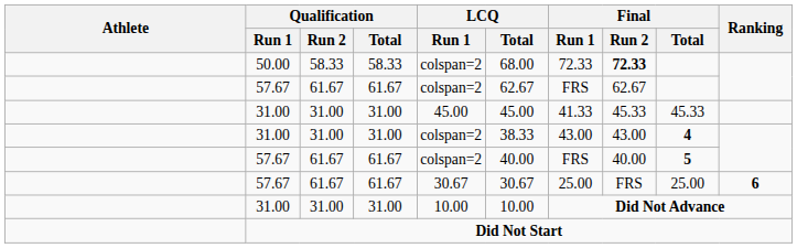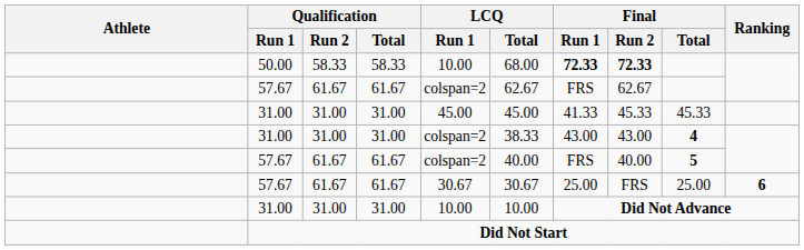 <table class=wikitable style="text-align:center">
 <tr>
 <th rowspan=2 width=250>Athlete</th>
 <th colspan=3>Qualification</th>
 <th colspan=2>LCQ</th>
 <th colspan=3>Final</th>
 <th rowspan=2 width=70>Ranking</th>
 </tr>
 <tr>
 <th width=50>Run 1</th>
 <th width=50>Run 2</th>
 <th width=60>Total</th>
 <th width=50>Run 1</th>
 <th width=60>Total</th>
 <th width=50>Run 1</th>
 <th width=50>Run 2</th>
 <th width=60>Total</th>
 </tr>
 <tr>
 <td align=left></td>
 <td>50.00</td>
 <td>58.33</td>
 <td>58.33</td>
-<td>colspan=2 </td>
+<td>10.00</td>
 <td>68.00</td>
-<td>72.33</td>
+<td><strong>72.33</strong></td>
 <td><strong>72.33</strong></td>
 <td></td>
 </tr>
 <tr>
 <td align=left></td>
 <td>57.67</td>
 <td>61.67</td>
 <td>61.67</td>
 <td>colspan=2 </td>
 <td>62.67</td>
 <td>FRS</td>
 <td>62.67</td>
 <td></td>
 </tr>
 <tr>
 <td align=left></td>
 <td>31.00</td>
 <td>31.00</td>
 <td>31.00</td>
 <td>45.00</td>
 <td>45.00</td>
 <td>41.33</td>
 <td>45.33</td>
 <td>45.33</td>
 <td></td>
 </tr>
 <tr>
 <td align=left></td>
 <td>31.00</td>
 <td>31.00</td>
 <td>31.00</td>
 <td>colspan=2 </td>
 <td>38.33</td>
 <td>43.00</td>
 <td>43.00</td>
 <td><strong>4</strong></td>
 </tr>
 <tr>
 <td align=left></td>
 <td>57.67</td>
 <td>61.67</td>
 <td>61.67</td>
 <td>colspan=2 </td>
 <td>40.00</td>
 <td>FRS</td>
 <td>40.00</td>
 <td><strong>5</strong></td>
 </tr>
 <tr>
 <td align=left></td>
 <td>57.67</td>
 <td>61.67</td>
 <td>61.67</td>
 <td>30.67</td>
 <td>30.67</td>
 <td>25.00</td>
 <td>FRS</td>
 <td>25.00</td>
 <td><strong>6</strong></td>
 </tr>
 <tr>
 <td align=left></td>
 <td>31.00</td>
 <td>31.00</td>
 <td>31.00</td>
 <td>10.00</td>
 <td>10.00</td>
 <td colspan=4><strong>Did Not Advance</strong></td>
 </tr>
 <tr>
 <td align=left></td>
 <td colspan=9><strong>Did Not Start</strong></td>
 </tr>
 </table>
